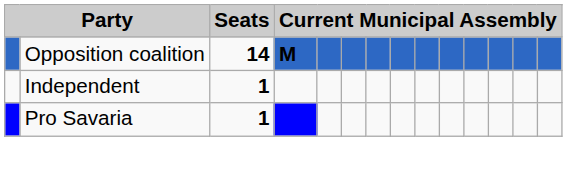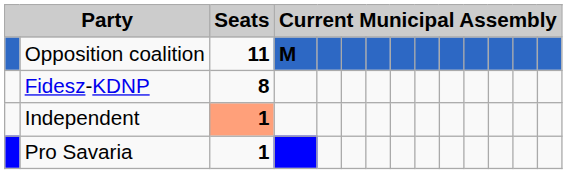 <table class="wikitable">
 <tr>
 <th style="background:#ccc" colspan="2">Party</th>
 <th style="background:#ccc">Seats</th>
 <th style="background:#ccc" colspan="11">Current Municipal Assembly</th>
 </tr>
 <tr>
 <td style="background-color: #2D68C4"> </td>
 <td>Opposition coalition</td>
-<td style="text-align: right"><strong>14</strong></td>
+<td style="text-align: right"><strong>11</strong></td>
 <td style="background-color: #2D68C4"><span><strong>M</strong></span></td>
 <td style="background-color: #2D68C4"> </td>
 <td style="background-color: #2D68C4"> </td>
 <td style="background-color: #2D68C4"> </td>
 <td style="background-color: #2D68C4"> </td>
 <td style="background-color: #2D68C4"> </td>
 <td style="background-color: #2D68C4"> </td>
 <td style="background-color: #2D68C4"> </td>
 <td style="background-color: #2D68C4"> </td>
 <td style="background-color: #2D68C4"> </td>
 <td style="background-color: #2D68C4"> </td>
 </tr>
 <tr>
 <td style="background-color: "> </td>
+<td><a href='#'>Fidesz</a>-<a href='#'>KDNP</a></td>
+<td style="text-align: right"><strong>8</strong></td>
+<td style="background-color: "> </td>
+<td style="background-color: "> </td>
+<td style="background-color: "> </td>
+<td style="background-color: "> </td>
+<td style="background-color: "> </td>
+<td style="background-color: "> </td>
+<td style="background-color: "> </td>
+<td style="background-color: "> </td>
+<td> </td>
+<td> </td>
+<td> </td>
+</tr>
+<tr>
+<td style="background-color: "> </td>
 <td>Independent</td>
-<td style="text-align: right"><strong>1</strong></td>
+<td style="background: lightsalmon; text-align: right"><strong>1</strong></td>
 <td style="background-color: "> </td>
 <td> </td>
 <td> </td>
 <td> </td>
 <td> </td>
 <td> </td>
 <td> </td>
 <td> </td>
 <td> </td>
 <td> </td>
 <td> </td>
 </tr>
 <tr>
 <td style="background-color: #0000FF"> </td>
 <td>Pro Savaria</td>
 <td style="text-align: right"><strong>1</strong></td>
 <td style="background-color: #0000FF"> </td>
 <td> </td>
 <td> </td>
 <td> </td>
 <td> </td>
 <td> </td>
 <td> </td>
 <td> </td>
 <td> </td>
 <td> </td>
 <td> </td>
 </tr>
 </table>
